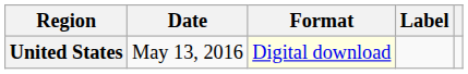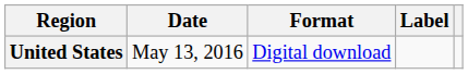 <table class="wikitable plainrowheaders">
 <tr>
 <th scope="col">Region</th>
 <th scope="col">Date</th>
 <th scope="col">Format</th>
 <th scopw="col">Label</th>
 <th scope="col"></th>
 </tr>
 <tr>
 <th scope="row">United States</th>
 <td>May 13, 2016</td>
-<td style="background: lightyellow;"><a href='#'>Digital download</a></td>
+<td><a href='#'>Digital download</a></td>
 <td rowspan="2"></td>
 <td></td>
 </tr>
 </table>
